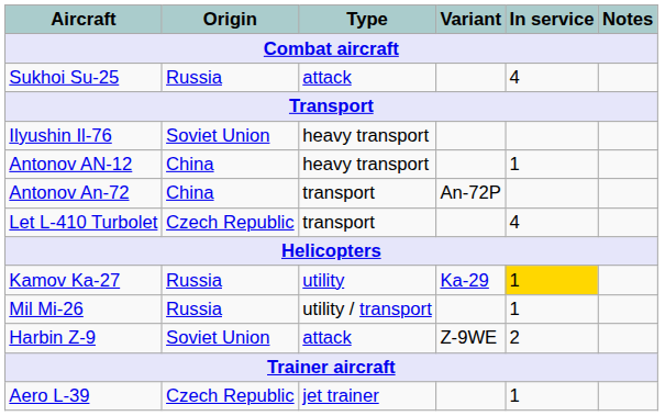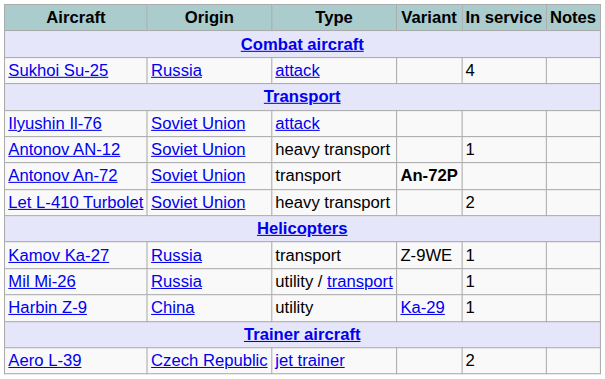 <table class="wikitable">
 <tr>
 <th style="background:#acc;">Aircraft</th>
 <th style="background:#acc;">Origin</th>
 <th style="background:#acc;">Type</th>
 <th style="background:#acc;">Variant</th>
 <th style="background:#acc;">In service</th>
 <th style="background:#acc;">Notes</th>
 </tr>
 <tr>
 <th colspan="7" style="align: center; background: lavender;"><a href='#'>Combat aircraft</a></th>
 </tr>
 <tr>
 <td><a href='#'>Sukhoi Su-25</a></td>
 <td><a href='#'>Russia</a></td>
 <td><a href='#'>attack</a></td>
 <td></td>
 <td>4</td>
 <td></td>
 </tr>
 <tr>
 <th colspan="7" style="align: center; background: lavender;"><a href='#'>Transport</a></th>
 </tr>
 <tr>
 <td><a href='#'>Ilyushin Il-76</a></td>
 <td><a href='#'>Soviet Union</a></td>
-<td>heavy transport</td>
+<td><a href='#'>attack</a></td>
 <td></td>
 <td></td>
 <td></td>
 </tr>
 <tr>
 <td><a href='#'>Antonov AN-12</a></td>
-<td><a href='#'>China</a></td>
+<td><a href='#'>Soviet Union</a></td>
 <td>heavy transport</td>
 <td></td>
 <td>1</td>
 <td></td>
 </tr>
 <tr>
 <td><a href='#'>Antonov An-72</a></td>
-<td><a href='#'>China</a></td>
+<td><a href='#'>Soviet Union</a></td>
 <td>transport</td>
-<td>An-72P</td>
+<td><strong>An-72P</strong></td>
 <td></td>
 <td></td>
 </tr>
 <tr>
 <td><a href='#'>Let L-410 Turbolet</a></td>
-<td><a href='#'>Czech Republic</a></td>
-<td>transport</td>
+<td><a href='#'>Soviet Union</a></td>
+<td>heavy transport</td>
 <td></td>
-<td>4</td>
+<td>2</td>
 <td></td>
 </tr>
 <tr>
 <th colspan="7" style="align: center; background: lavender;"><a href='#'>Helicopters</a></th>
 </tr>
 <tr>
 <td><a href='#'>Kamov Ka-27</a></td>
 <td><a href='#'>Russia</a></td>
-<td><a href='#'>utility</a></td>
-<td><a href='#'>Ka-29</a></td>
-<td style="background: gold;">1</td>
+<td>transport</td>
+<td>Z-9WE</td>
+<td>1</td>
 <td></td>
 </tr>
 <tr>
 <td><a href='#'>Mil Mi-26</a></td>
 <td><a href='#'>Russia</a></td>
 <td>utility / <a href='#'>transport</a></td>
 <td></td>
 <td>1</td>
 <td></td>
 </tr>
 <tr>
 <td><a href='#'>Harbin Z-9 </a></td>
-<td><a href='#'>Soviet Union</a></td>
-<td><a href='#'>attack</a></td>
-<td>Z-9WE</td>
-<td>2</td>
+<td><a href='#'>China</a></td>
+<td>utility</td>
+<td><a href='#'>Ka-29</a></td>
+<td>1</td>
 <td></td>
 </tr>
 <tr>
 <th colspan="7" style="align: center; background: lavender;"><a href='#'>Trainer aircraft</a></th>
 </tr>
 <tr>
 <td><a href='#'>Aero L-39</a></td>
 <td><a href='#'>Czech Republic</a></td>
 <td><a href='#'>jet trainer</a></td>
 <td></td>
-<td>1</td>
+<td>2</td>
 <td></td>
 </tr>
 </table>
